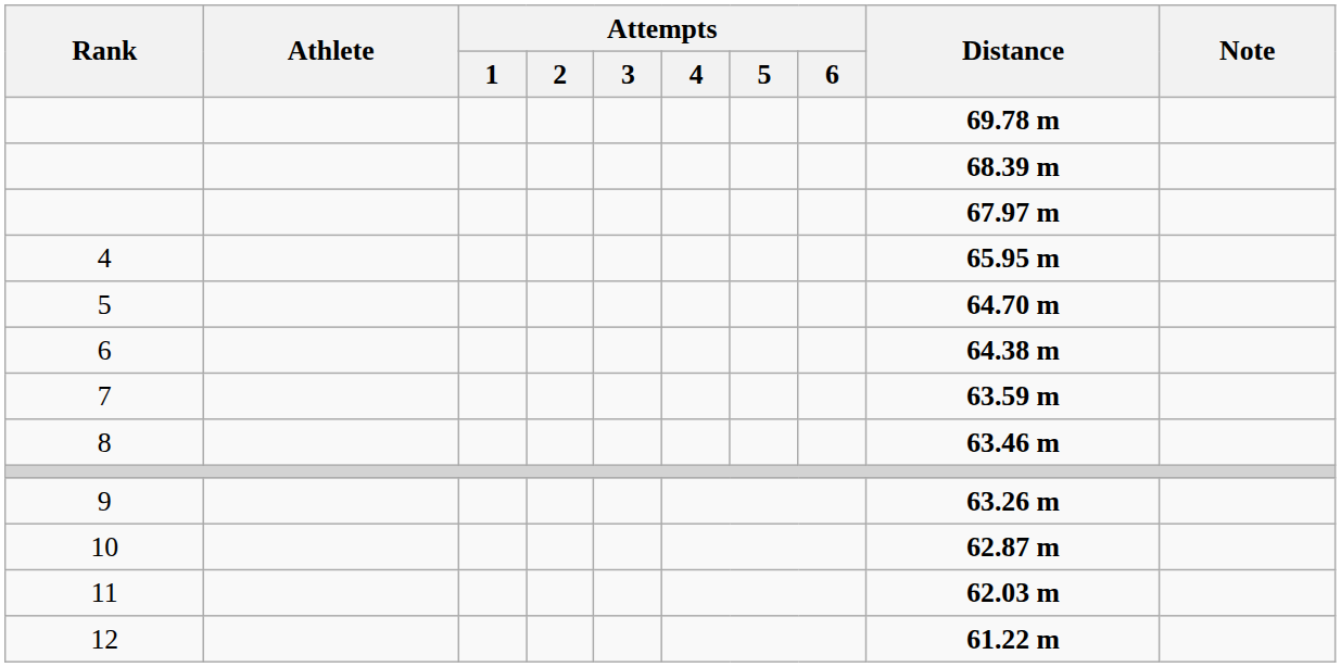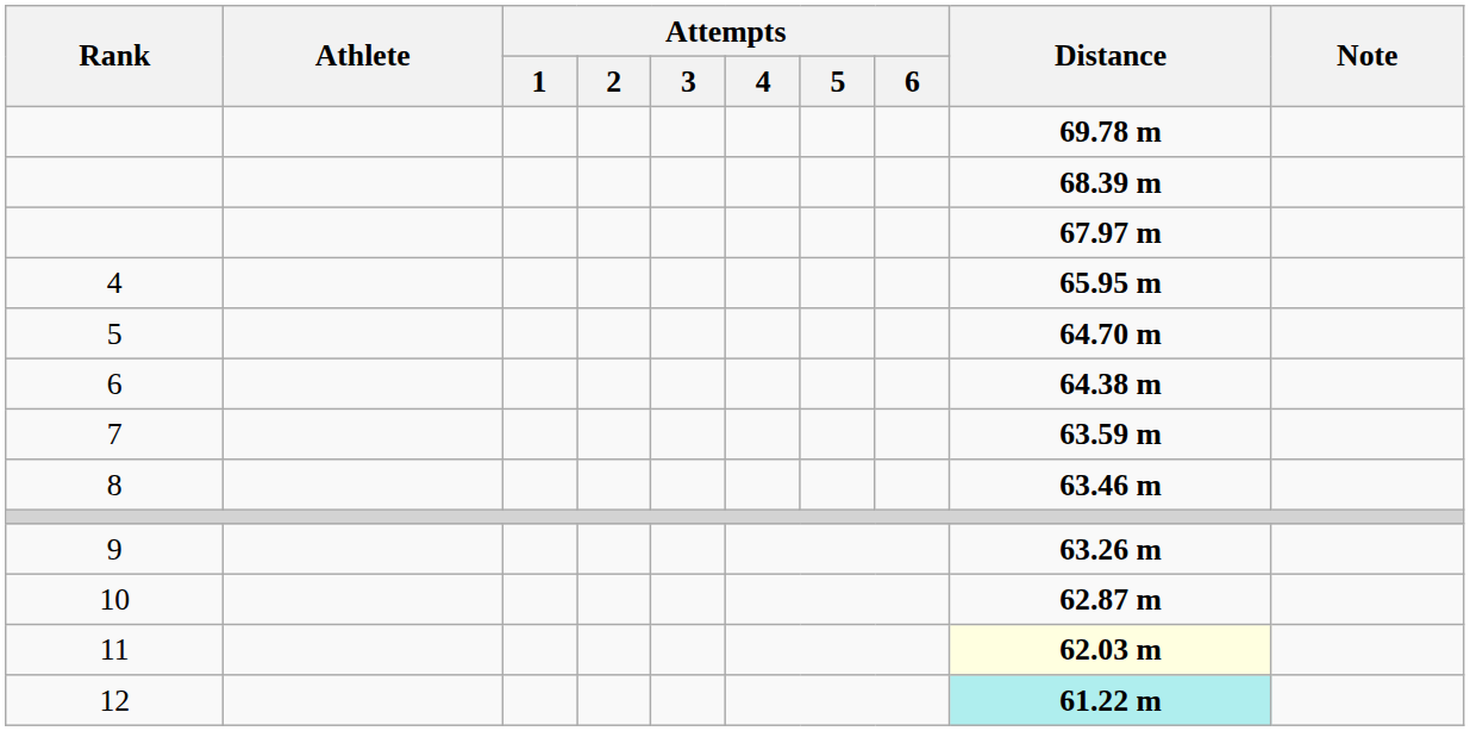 <table class="wikitable" style=" text-align:center; font-size:110%;" width="95%">
 <tr>
 <th rowspan="2">Rank</th>
 <th rowspan="2">Athlete</th>
 <th colspan="6">Attempts</th>
 <th rowspan="2">Distance</th>
 <th rowspan="2">Note</th>
 </tr>
 <tr>
 <th>1</th>
 <th>2</th>
 <th>3</th>
 <th>4</th>
 <th>5</th>
 <th>6</th>
 </tr>
 <tr>
 <td></td>
 <td align=left></td>
 <td></td>
 <td></td>
 <td></td>
 <td></td>
 <td></td>
 <td></td>
 <td><strong>69.78 m </strong></td>
 <td></td>
 </tr>
 <tr>
 <td></td>
 <td align=left></td>
 <td></td>
 <td></td>
 <td></td>
 <td></td>
 <td></td>
 <td></td>
 <td><strong>68.39 m </strong></td>
 <td></td>
 </tr>
 <tr>
 <td></td>
 <td align=left></td>
 <td></td>
 <td></td>
 <td></td>
 <td></td>
 <td></td>
 <td></td>
 <td><strong>67.97 m </strong></td>
 <td></td>
 </tr>
 <tr>
 <td>4</td>
 <td align=left></td>
 <td></td>
 <td></td>
 <td></td>
 <td></td>
 <td></td>
 <td></td>
 <td><strong>65.95 m </strong></td>
 <td></td>
 </tr>
 <tr>
 <td>5</td>
 <td align=left></td>
 <td></td>
 <td></td>
 <td></td>
 <td></td>
 <td></td>
 <td></td>
 <td><strong>64.70 m </strong></td>
 <td></td>
 </tr>
 <tr>
 <td>6</td>
 <td align=left></td>
 <td></td>
 <td></td>
 <td></td>
 <td></td>
 <td></td>
 <td></td>
 <td><strong>64.38 m </strong></td>
 <td></td>
 </tr>
 <tr>
 <td>7</td>
 <td align=left></td>
 <td></td>
 <td></td>
 <td></td>
 <td></td>
 <td></td>
 <td></td>
 <td><strong>63.59 m </strong></td>
 <td></td>
 </tr>
 <tr>
 <td>8</td>
 <td align=left></td>
 <td></td>
 <td></td>
 <td></td>
 <td></td>
 <td></td>
 <td></td>
 <td><strong>63.46 m </strong></td>
 <td></td>
 </tr>
 <tr>
 <td colspan=10 bgcolor=lightgray></td>
 </tr>
 <tr>
 <td>9</td>
 <td align=left></td>
 <td></td>
 <td></td>
 <td></td>
 <td colspan=3></td>
 <td><strong>63.26 m </strong></td>
 <td></td>
 </tr>
 <tr>
 <td>10</td>
 <td align=left></td>
 <td></td>
 <td></td>
 <td></td>
 <td colspan=3></td>
 <td><strong>62.87 m </strong></td>
 <td></td>
 </tr>
 <tr>
 <td>11</td>
 <td align=left></td>
 <td></td>
 <td></td>
 <td></td>
 <td colspan=3></td>
-<td><strong>62.03 m </strong></td>
+<td style="background: lightyellow;"><strong>62.03 m </strong></td>
 <td></td>
 </tr>
 <tr>
 <td>12</td>
 <td align=left></td>
 <td></td>
 <td></td>
 <td></td>
 <td colspan=3></td>
-<td><strong>61.22 m </strong></td>
+<td style="background: paleturquoise;"><strong>61.22 m </strong></td>
 <td></td>
 </tr>
 </table>
